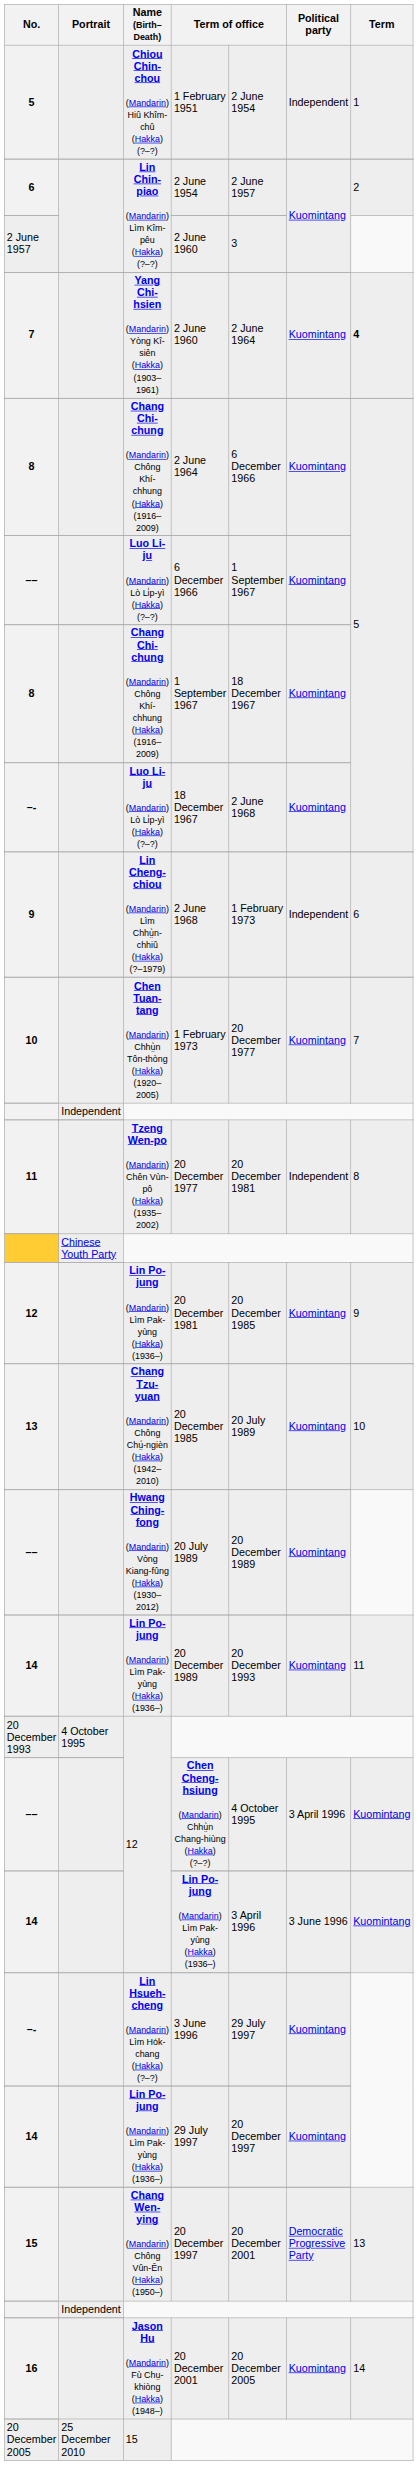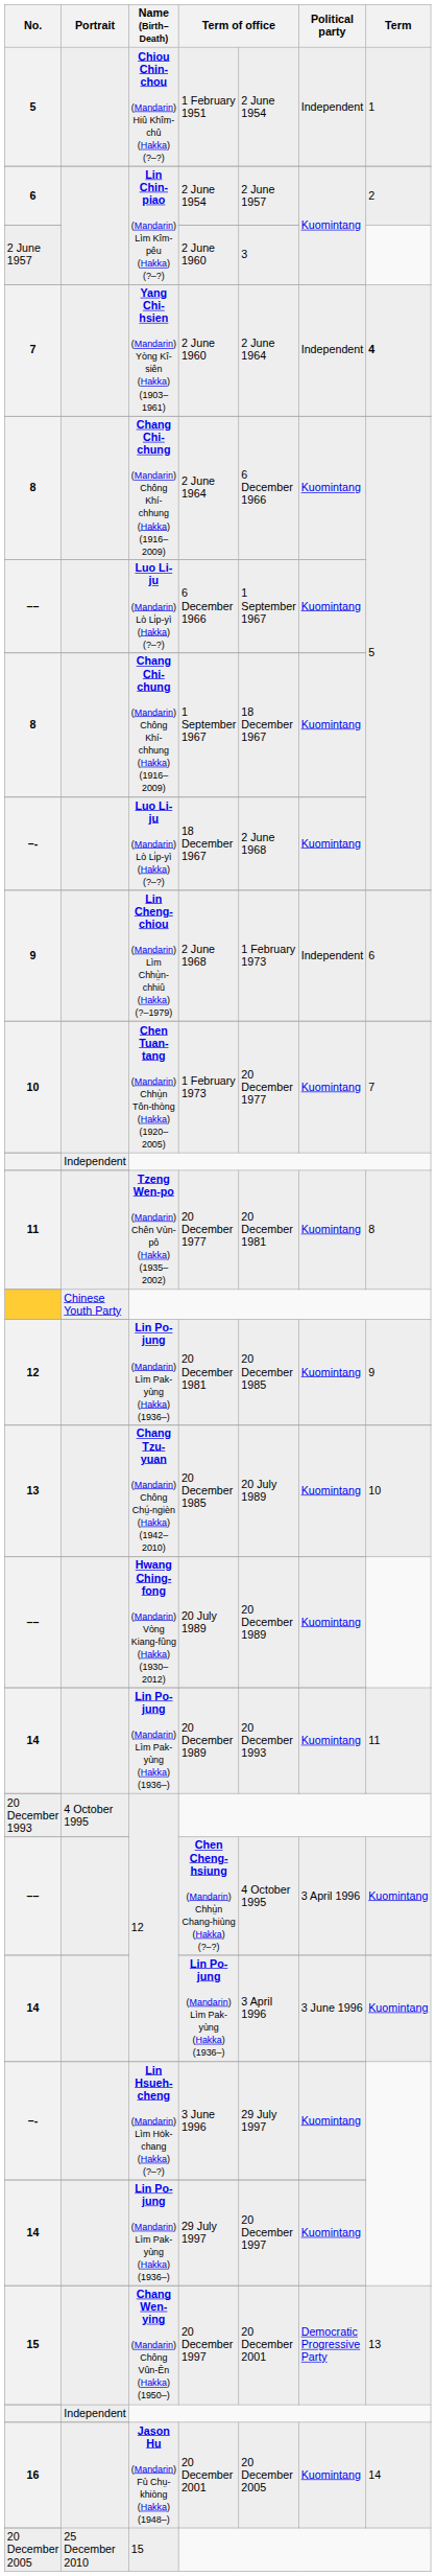 <table class=wikitable>
 <tr>
 <th>No.</th>
 <th>Portrait</th>
 <th width="200">Name<br><small>(Birth–Death)</small></th>
 <th colspan=2 width="300">Term of office</th>
 <th width="100">Political party</th>
 <th width = "50">Term</th>
 </tr>
 <tr - bgcolor=#EEEEEE>
 <th style="background:">5</th>
 <td align=center></td>
 <td align=center><strong><a href='#'>Chiou Chin-chou</a></strong><br><br><small> (<a href='#'>Mandarin</a>)<br>Hiû Khîm-chû (<a href='#'>Hakka</a>)<br>(?–?)</small></td>
 <td>1 February 1951</td>
 <td>2 June 1954</td>
 <td>Independent</td>
 <td>1</td>
 </tr>
 <tr ->
 </tr>
 <tr - bgcolor=#EEEEEE>
 <th style="background:">6</th>
 <td rowspan=3 align=center></td>
 <td align=center rowspan=3><strong><a href='#'>Lin Chin-piao</a></strong><br><br><small> (<a href='#'>Mandarin</a>)<br>Lìm Kîm-pêu (<a href='#'>Hakka</a>)<br>(?–?)</small></td>
 <td>2 June 1954</td>
 <td>2 June 1957</td>
 <td rowspan=3><a href='#'>Kuomintang</a></td>
 <td>2</td>
 </tr>
 <tr ->
 </tr>
 <tr - bgcolor=#EEEEEE>
 <td>2 June 1957</td>
 <td>2 June 1960</td>
 <td>3</td>
 </tr>
 <tr ->
 </tr>
 <tr - bgcolor=#EEEEEE>
 <th style="background:">7</th>
 <td align=center></td>
 <td align=center><strong><a href='#'>Yang Chi-hsien</a></strong><br><br><small> (<a href='#'>Mandarin</a>)<br>Yòng Kî-siên (<a href='#'>Hakka</a>)<br>(1903–1961)</small></td>
 <td>2 June 1960</td>
 <td>2 June 1964 </td>
-<td><a href='#'>Kuomintang</a></td>
+<td>Independent</td>
 <td><strong>4</strong></td>
 </tr>
 <tr ->
 </tr>
 <tr - bgcolor=#EEEEEE>
 <th style="background:">8</th>
 <td align=center></td>
 <td align=center><strong><a href='#'>Chang Chi-chung</a></strong><br><br><small> (<a href='#'>Mandarin</a>)<br>Chông Khí-chhung (<a href='#'>Hakka</a>)<br>(1916–2009)</small></td>
 <td>2 June 1964</td>
 <td>6 December 1966</td>
 <td><a href='#'>Kuomintang</a></td>
 <td rowspan=7>5</td>
 </tr>
 <tr ->
 </tr>
 <tr - bgcolor=#EEEEEE>
 <th style="background:">––</th>
 <td align=center></td>
 <td align=center><strong><a href='#'>Luo Li-ju</a></strong><br><br><small> (<a href='#'>Mandarin</a>)<br>Lò Li̍p-yì (<a href='#'>Hakka</a>)<br>(?–?)</small></td>
 <td>6 December 1966</td>
 <td>1 September 1967</td>
 <td><a href='#'>Kuomintang</a></td>
 </tr>
 <tr ->
 </tr>
 <tr - bgcolor=#EEEEEE>
 <th style="background:">8</th>
 <td align=center></td>
 <td align=center><strong><a href='#'>Chang Chi-chung</a></strong><br><br><small> (<a href='#'>Mandarin</a>)<br>Chông Khí-chhung (<a href='#'>Hakka</a>)<br>(1916–2009)</small></td>
 <td>1 September 1967 </td>
 <td>18 December 1967 </td>
 <td><a href='#'>Kuomintang</a></td>
 </tr>
 <tr ->
 </tr>
 <tr - bgcolor=#EEEEEE>
 <th style="background:">–-</th>
 <td align=center></td>
 <td align=center><strong><a href='#'>Luo Li-ju</a></strong><br><br><small> (<a href='#'>Mandarin</a>)<br>Lò Li̍p-yì (<a href='#'>Hakka</a>)<br>(?–?)</small></td>
 <td>18 December 1967</td>
 <td>2 June 1968</td>
 <td><a href='#'>Kuomintang</a></td>
 </tr>
 <tr ->
 </tr>
 <tr - bgcolor=#EEEEEE>
 <th style="background:">9</th>
 <td align=center></td>
 <td align=center><strong><a href='#'>Lin Cheng-chiou</a></strong><br><br><small> (<a href='#'>Mandarin</a>)<br>Lìm Chhṳ̀n-chhiû (<a href='#'>Hakka</a>)<br>(?–1979)</small></td>
 <td>2 June 1968</td>
 <td>1 February 1973 </td>
 <td>Independent</td>
 <td>6</td>
 </tr>
 <tr ->
 </tr>
 <tr - bgcolor=#EEEEEE>
 <th style="background:">10</th>
 <td rowspan=2 align=center></td>
 <td rowspan=2 align=center><strong><a href='#'>Chen Tuan-tang</a></strong><br><br><small> (<a href='#'>Mandarin</a>)<br>Chhṳ̀n Tôn-thòng (<a href='#'>Hakka</a>)<br>(1920–2005)</small></td>
 <td rowspan=2>1 February 1973</td>
 <td rowspan=2>20 December 1977</td>
 <td><a href='#'>Kuomintang</a></td>
 <td rowspan=2>7</td>
 </tr>
 <tr ->
 </tr>
 <tr - bgcolor=#EEEEEE>
 <th style="background:"></th>
 <td>Independent</td>
 </tr>
 <tr ->
 </tr>
 <tr - bgcolor=#EEEEEE>
 <th style="background:">11</th>
 <td rowspan=2 align=center></td>
 <td rowspan=2 align=center><strong><a href='#'>Tzeng Wen-po</a></strong><br><br><small> (<a href='#'>Mandarin</a>)<br>Chên Vùn-pô (<a href='#'>Hakka</a>)<br>(1935–2002)</small></td>
 <td rowspan=2>20 December 1977</td>
 <td rowspan=2>20 December 1981</td>
-<td>Independent</td>
+<td><a href='#'>Kuomintang</a></td>
 <td rowspan=2>8</td>
 </tr>
 <tr ->
 </tr>
 <tr - bgcolor=#EEEEEE>
 <th style="background:#FFCC33; "></th>
 <td><a href='#'>Chinese Youth Party</a></td>
 </tr>
 <tr ->
 </tr>
 <tr - bgcolor=#EEEEEE>
 <th style="background:">12</th>
 <td align=center></td>
 <td align=center><strong><a href='#'>Lin Po-jung</a></strong> <br><br><small> (<a href='#'>Mandarin</a>)<br>Lìm Pak-yùng (<a href='#'>Hakka</a>)<br>(1936–)</small></td>
 <td>20 December 1981</td>
 <td>20 December 1985</td>
 <td><a href='#'>Kuomintang</a></td>
 <td>9</td>
 </tr>
 <tr ->
 </tr>
 <tr - bgcolor=#EEEEEE>
 <th style="background:">13</th>
 <td align=center></td>
 <td align=center><strong><a href='#'>Chang Tzu-yuan</a></strong><br><br><small> (<a href='#'>Mandarin</a>)<br>Chông Chṳ́-ngièn (<a href='#'>Hakka</a>)<br>(1942–2010)</small></td>
 <td>20 December 1985</td>
 <td>20 July 1989 </td>
 <td><a href='#'>Kuomintang</a></td>
 <td rowspan=2>10</td>
 </tr>
 <tr ->
 </tr>
 <tr - bgcolor=#EEEEEE>
 <th style="background:">––</th>
 <td align=center></td>
 <td align=center><strong><a href='#'>Hwang Ching-fong</a></strong> <br><br><small> (<a href='#'>Mandarin</a>)<br>Vòng Kiang-fûng (<a href='#'>Hakka</a>)<br>(1930–2012)</small></td>
 <td>20 July 1989</td>
 <td>20 December 1989</td>
 <td><a href='#'>Kuomintang</a></td>
 </tr>
 <tr ->
 </tr>
 <tr - bgcolor=#EEEEEE>
 <th style="background:">14</th>
 <td rowspan=2 align=center></td>
 <td align=center rowspan=2><strong><a href='#'>Lin Po-jung</a></strong> <br><br><small> (<a href='#'>Mandarin</a>)<br>Lìm Pak-yùng (<a href='#'>Hakka</a>)<br>(1936–)</small></td>
 <td>20 December 1989</td>
 <td>20 December 1993</td>
 <td rowspan=2><a href='#'>Kuomintang</a></td>
 <td>11</td>
 </tr>
 <tr ->
 </tr>
 <tr - bgcolor=#EEEEEE>
 <td>20 December 1993</td>
 <td>4 October 1995 </td>
 <td rowspan=5>12</td>
 </tr>
 <tr ->
 </tr>
 <tr - bgcolor=#EEEEEE>
 <th style="background:">––</th>
 <td align=center></td>
 <td align=center><strong><a href='#'>Chen Cheng-hsiung</a></strong> <br><br><small> (<a href='#'>Mandarin</a>)<br>Chhṳ̀n Chang-hiùng (<a href='#'>Hakka</a>)<br>(?–?)</small></td>
 <td>4 October 1995</td>
 <td>3 April 1996</td>
 <td><a href='#'>Kuomintang</a></td>
 </tr>
 <tr ->
 </tr>
 <tr - bgcolor=#EEEEEE>
 <th style="background:">14</th>
 <td align=center></td>
 <td align=center><strong><a href='#'>Lin Po-jung</a></strong> <br><br><small> (<a href='#'>Mandarin</a>)<br>Lìm Pak-yùng (<a href='#'>Hakka</a>)<br>(1936–)</small></td>
 <td>3 April 1996</td>
 <td>3 June 1996 </td>
 <td><a href='#'>Kuomintang</a></td>
 </tr>
 <tr ->
 </tr>
 <tr - bgcolor=#EEEEEE>
 <th style="background:">–-</th>
 <td align=center></td>
 <td align=center><strong><a href='#'>Lin Hsueh-cheng</a></strong> <br><br><small> (<a href='#'>Mandarin</a>)<br>Lìm Ho̍k-chang (<a href='#'>Hakka</a>)<br>(?–?)</small></td>
 <td>3 June 1996</td>
 <td>29 July 1997</td>
 <td><a href='#'>Kuomintang</a></td>
 </tr>
 <tr ->
 </tr>
 <tr - bgcolor=#EEEEEE>
 <th style="background:">14</th>
 <td align=center></td>
 <td align=center><strong><a href='#'>Lin Po-jung</a></strong> <br><br><small> (<a href='#'>Mandarin</a>)<br>Lìm Pak-yùng (<a href='#'>Hakka</a>)<br>(1936–)</small></td>
 <td>29 July 1997</td>
 <td>20 December 1997</td>
 <td><a href='#'>Kuomintang</a></td>
 </tr>
 <tr ->
 </tr>
 <tr - bgcolor=#EEEEEE>
 <th style="background:">15</th>
 <td rowspan=2 align=center></td>
 <td rowspan=2 align=center><strong><a href='#'>Chang Wen-ying</a></strong><br><br><small> (<a href='#'>Mandarin</a>)<br>Chông Vûn-Ên (<a href='#'>Hakka</a>)<br>(1950–)</small></td>
 <td rowspan=2>20 December 1997</td>
 <td rowspan=2>20 December 2001</td>
 <td><a href='#'>Democratic Progressive Party</a></td>
 <td rowspan=2>13</td>
 </tr>
 <tr ->
 </tr>
 <tr - bgcolor=#EEEEEE>
 <th style="background:"></th>
 <td>Independent </td>
 </tr>
 <tr ->
 </tr>
 <tr - bgcolor=#EEEEEE>
 <th style="background:">16</th>
 <td align=center rowspan=2></td>
 <td align=center rowspan=2><strong><a href='#'>Jason Hu</a></strong> <br><br><small> (<a href='#'>Mandarin</a>)<br>Fù Chṳ-khiòng (<a href='#'>Hakka</a>)<br>(1948–)</small></td>
 <td>20 December 2001</td>
 <td>20 December 2005</td>
 <td rowspan=2><a href='#'>Kuomintang</a></td>
 <td>14</td>
 </tr>
 <tr ->
 </tr>
 <tr - bgcolor=#EEEEEE>
 <td>20 December 2005</td>
 <td>25 December 2010 </td>
 <td>15</td>
 </tr>
 </table>
